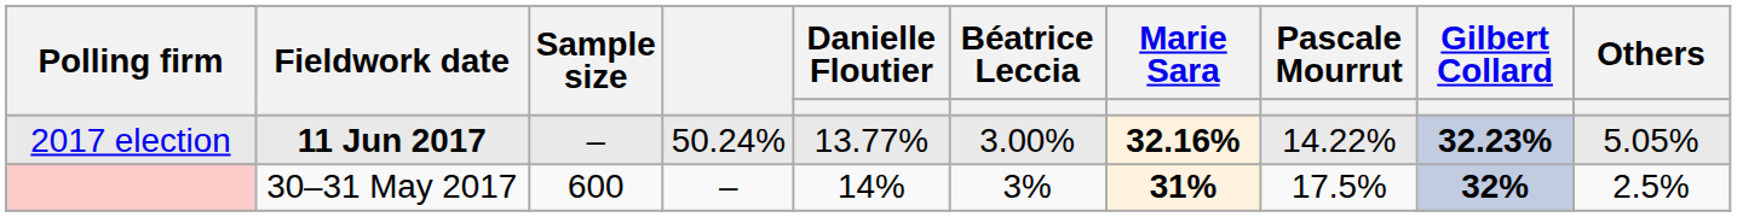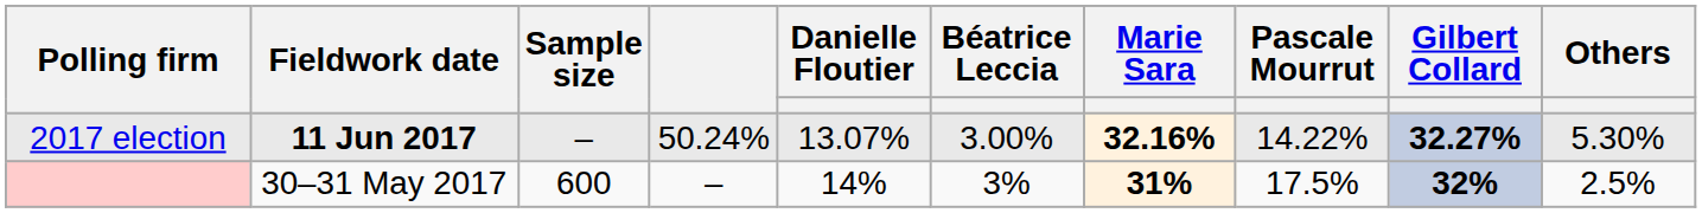 <table class="wikitable sortable" style="text-align:center;font-size:90%;line-height:14px;">
 <tr style="height:40px;">
 <th style="width:100px;" rowspan="2">Polling firm</th>
 <th style="width:110px;" rowspan="2">Fieldwork date</th>
 <th style="width:35px;" rowspan="2">Sample<br>size</th>
 <th style="width:30px;" rowspan="2"></th>
 <th class="unsortable" style="width:60px;">Danielle Floutier<br></th>
 <th class="unsortable" style="width:60px;">Béatrice Leccia<br></th>
 <th class="unsortable" style="width:60px;"><a href='#'>Marie Sara</a><br></th>
 <th class="unsortable" style="width:60px;">Pascale Mourrut<br></th>
 <th class="unsortable" style="width:60px;"><a href='#'>Gilbert Collard</a><br></th>
 <th class="unsortable" style="width:60px;">Others</th>
 </tr>
 <tr>
 <th style="background:"></th>
 <th style="background:"></th>
 <th style="background:"></th>
 <th style="background:"></th>
 <th style="background:"></th>
 <th style="background:"></th>
 </tr>
 <tr style="background:#E9E9E9;">
 <td><a href='#'>2017 election</a></td>
 <td data-sort-value="2017-06-11"><strong>11 Jun 2017</strong></td>
 <td>–</td>
 <td>50.24%</td>
-<td>13.77%</td>
+<td>13.07%</td>
 <td>3.00%</td>
 <td style="background:#FFF2DE;"><strong>32.16%</strong></td>
 <td>14.22%</td>
-<td style="background:#C1CCE1;"><strong>32.23%</strong></td>
-<td>5.05%</td>
+<td style="background:#C1CCE1;"><strong>32.27%</strong></td>
+<td>5.30%</td>
 </tr>
 <tr>
 <td style="background:#FFCCCC;"></td>
 <td data-sort-value="2017-05-31">30–31 May 2017</td>
 <td>600</td>
 <td>–</td>
 <td>14%</td>
 <td>3%</td>
 <td style="background:#FFF2DE;"><strong>31%</strong></td>
 <td>17.5%</td>
 <td style="background:#C1CCE1;"><strong>32%</strong></td>
 <td>2.5%</td>
 </tr>
 </table>
